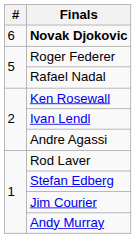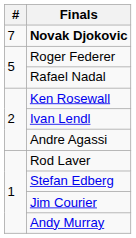 <table class="wikitable" style="display:inline-table;">
 <tr>
 <th width=20>#</th>
 <th>Finals</th>
 </tr>
 <tr>
-<td>6</td>
+<td>7</td>
 <td><strong> Novak Djokovic</strong></td>
 </tr>
 <tr>
 <td rowspan="2">5</td>
 <td> Roger Federer</td>
 </tr>
 <tr>
 <td> Rafael Nadal</td>
 </tr>
 <tr>
 <td rowspan="3">2</td>
 <td> <a href='#'>Ken Rosewall</a></td>
 </tr>
 <tr>
 <td> <a href='#'>Ivan Lendl</a></td>
 </tr>
 <tr>
 <td> Andre Agassi</td>
 </tr>
 <tr>
 <td rowspan="4">1</td>
 <td> Rod Laver</td>
 </tr>
 <tr>
 <td> <a href='#'>Stefan Edberg</a></td>
 </tr>
 <tr>
 <td> <a href='#'>Jim Courier</a></td>
 </tr>
 <tr>
 <td> <a href='#'>Andy Murray</a></td>
 </tr>
 </table>
